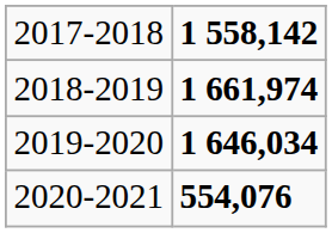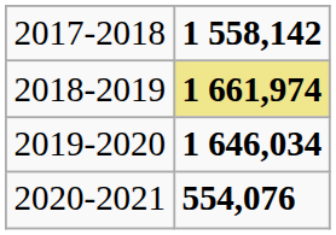 <table class="wikitable">
 <tr>
 <td>2017-2018</td>
 <td><strong>1 558,142</strong></td>
 </tr>
 <tr>
 <td>2018-2019</td>
-<td><strong>1 661,974</strong></td>
+<td style="background: khaki;"><strong>1 661,974</strong></td>
 </tr>
 <tr>
 <td>2019-2020</td>
 <td><strong>1 646,034</strong></td>
 </tr>
 <tr>
 <td>2020-2021</td>
 <td><strong>554,076</strong></td>
 </tr>
 </table>
